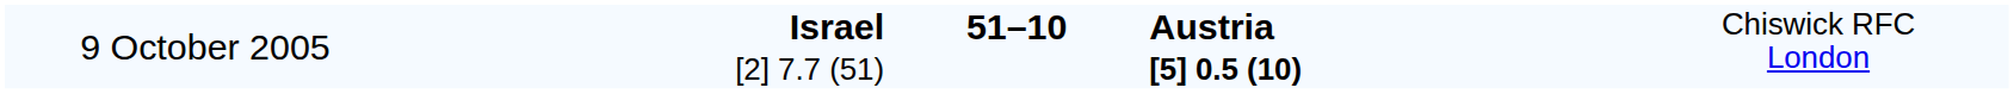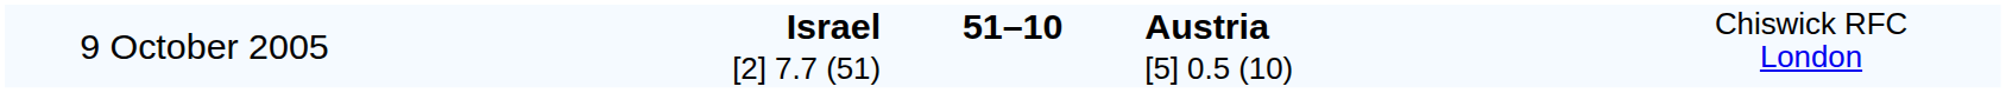 <table style="width: 100%; background:#F5FAFF;" cellspacing="0">
 <tr>
 <td align=center rowspan=3 width=20%>9 October 2005</td>
 </tr>
 <tr>
 <td width=24% align=right><strong>Israel</strong></td>
 <td align=center width=13%><strong>51–10</strong></td>
 <td width=24%><strong>Austria</strong></td>
 <td style=font-size:85% rowspan=3 valign=top align=center>Chiswick RFC<br><a href='#'>London</a></td>
 </tr>
 <tr style=font-size:85%>
 <td align=right>[2] 7.7 (51)</td>
 <td></td>
-<td><strong>[5] 0.5 (10)</strong></td>
+<td>[5] 0.5 (10)</td>
 </tr>
 </table>
